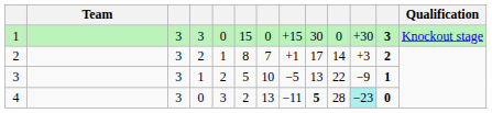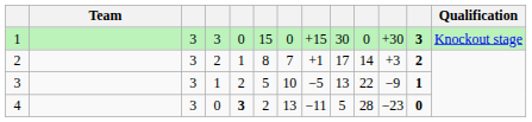 <table class="wikitable" style="text-align:center;">
 <tr>
 <th width="20"></th>
 <th width="165">Team</th>
 <th width="20"></th>
 <th width="20"></th>
 <th width="20"></th>
 <th width="20"></th>
 <th width="20"></th>
 <th width="20"></th>
 <th width="20"></th>
 <th width="20"></th>
 <th width="20"></th>
 <th width="20"></th>
 <th width="100">Qualification</th>
 </tr>
 <tr bgcolor="bbf3bb">
 <td>1</td>
 <td align="left"></td>
 <td>3</td>
 <td>3</td>
 <td>0</td>
 <td>15</td>
 <td>0</td>
 <td>+15</td>
 <td>30</td>
 <td>0</td>
 <td>+30</td>
 <td><strong>3</strong></td>
 <td><a href='#'>Knockout stage</a></td>
 </tr>
 <tr>
 <td>2</td>
 <td align="left"></td>
 <td>3</td>
 <td>2</td>
 <td>1</td>
 <td>8</td>
 <td>7</td>
 <td>+1</td>
 <td>17</td>
 <td>14</td>
 <td>+3</td>
 <td><strong>2</strong></td>
 <td rowspan="3"></td>
 </tr>
 <tr>
 <td>3</td>
 <td align="left"></td>
 <td>3</td>
 <td>1</td>
 <td>2</td>
 <td>5</td>
 <td>10</td>
 <td>−5</td>
 <td>13</td>
 <td>22</td>
 <td>−9</td>
 <td><strong>1</strong></td>
 </tr>
 <tr>
 <td>4</td>
 <td align="left"></td>
 <td>3</td>
 <td>0</td>
-<td>3</td>
+<td><strong>3</strong></td>
 <td>2</td>
 <td>13</td>
 <td>−11</td>
-<td><strong>5</strong></td>
+<td>5</td>
 <td>28</td>
-<td style="background: paleturquoise;">−23</td>
+<td>−23</td>
 <td><strong>0</strong></td>
 </tr>
 </table>
